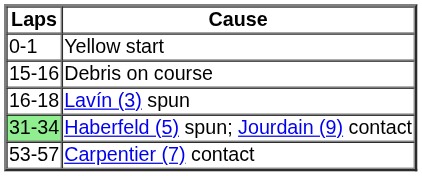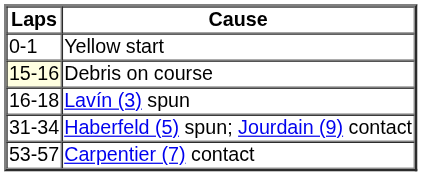 <table border=2 cellspacing=0>
 <tr>
 <th>Laps</th>
 <th>Cause</th>
 </tr>
 <tr>
 <td>0-1</td>
 <td>Yellow start</td>
 </tr>
 <tr>
-<td>15-16</td>
+<td style="background: lightyellow;">15-16</td>
 <td>Debris on course</td>
 </tr>
 <tr>
 <td>16-18</td>
 <td><a href='#'>Lavín (3)</a> spun</td>
 </tr>
 <tr>
-<td style="background: lightgreen;">31-34</td>
+<td>31-34</td>
 <td><a href='#'>Haberfeld (5)</a> spun; <a href='#'>Jourdain (9)</a> contact</td>
 </tr>
 <tr>
 <td>53-57</td>
 <td><a href='#'>Carpentier (7)</a> contact</td>
 </tr>
 </table>
